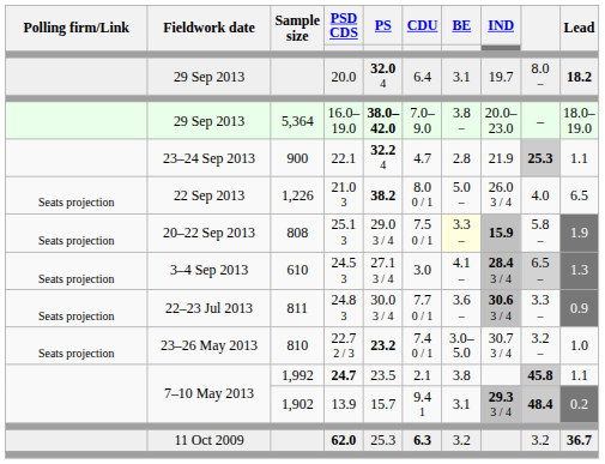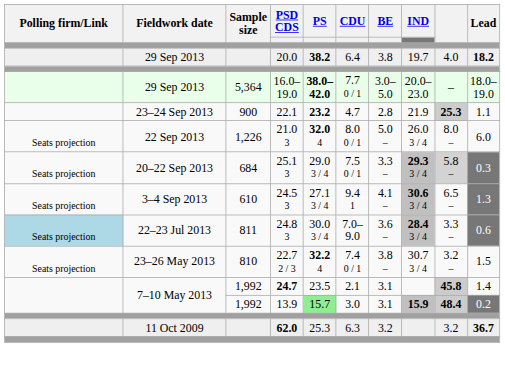 <table class="wikitable collapsible sortable" style="text-align:center; font-size:95%; line-height:16px;">
 <tr style="height:42px;">
 <th style="width:145px;" rowspan="2">Polling firm/Link</th>
 <th style="width:125px;" rowspan="2">Fieldwork date</th>
 <th class="unsortable" style="width:50px;" rowspan="2">Sample size</th>
 <th class="unsortable" style="width:35px;"><a href='#'>PSD</a><br><a href='#'>CDS</a></th>
 <th class="unsortable" style="width:35px;"><a href='#'>PS</a></th>
 <th class="unsortable" style="width:35px;"><a href='#'>CDU</a></th>
 <th class="unsortable" style="width:35px;"><a href='#'>BE</a></th>
 <th class="unsortable" style="width:35px;"><a href='#'>IND</a></th>
 <th class="unsortable" style="width:35px;" rowspan="2"></th>
 <th class="unsortable" style="width:30px;" rowspan="2">Lead</th>
 </tr>
 <tr>
 <th class="unsortable" style="color:inherit;background:"></th>
 <th class="unsortable" style="color:inherit;background:"></th>
 <th class="unsortable" style="color:inherit;background:"></th>
 <th class="unsortable" style="color:inherit;background:"></th>
 <th class="unsortable" style="color:inherit;background:#777777;"></th>
 </tr>
 <tr>
 <td colspan="12" style="background:#A0A0A0"></td>
 </tr>
 <tr style="background:#EFEFEF;">
 <td><strong></strong></td>
 <td data-sort-value="2019-10-06">29 Sep 2013</td>
 <td></td>
 <td>20.0<br></td>
-<td align="center" ><strong>32.0</strong><br><small>4</small></td>
+<td><strong>38.2</strong><br></td>
 <td>6.4<br></td>
-<td>3.1<br></td>
+<td align="center">3.8</td>
 <td>19.7<br></td>
-<td align="center">8.0<br><small>– </small></td>
+<td>4.0<br></td>
 <td style="background:"><strong>18.2</strong></td>
 </tr>
 <tr>
 <td colspan="12" style="background:#A0A0A0"></td>
 </tr>
 <tr>
 </tr>
 <tr style="background:#EAFFEA"|>
 <td></td>
 <td data-sort-value="2019-10-06">29 Sep 2013</td>
 <td>5,364</td>
 <td>16.0–<br>19.0<br></td>
 <td><strong>38.0–<br>42.0</strong><br></td>
-<td>7.0–<br>9.0<br></td>
-<td align="center">3.8<br><small> – </small></td>
+<td align="center">7.7<br><small>0 / 1</small></td>
+<td>3.0–<br>5.0<br></td>
 <td>20.0–<br>23.0<br></td>
 <td>–</td>
 <td style="background:">18.0–<br>19.0</td>
 </tr>
 <tr>
 <td align="center"></td>
 <td align="center">23–24 Sep 2013</td>
 <td>900</td>
 <td align="center">22.1</td>
-<td align="center" ><strong>32.2</strong><br><small>4 </small></td>
+<td align="center" ><strong>23.2</strong></td>
 <td align="center">4.7</td>
 <td align="center">2.8</td>
 <td align="center">21.9</td>
 <td align="center" style="background:#cccccc"><strong>25.3</strong></td>
 <td style="background:">1.1</td>
 </tr>
 <tr>
 <td align="center"><br><small>Seats projection</small></td>
 <td align="center">22 Sep 2013</td>
 <td>1,226</td>
 <td align="center">21.0<br><small>3</small></td>
-<td><strong>38.2</strong><br></td>
+<td align="center" ><strong>32.0</strong><br><small>4</small></td>
 <td align="center">8.0<br><small>0 / 1</small></td>
 <td align="center">5.0<br><small>– </small></td>
 <td align="center">26.0<br><small>3 / 4</small></td>
-<td>4.0<br></td>
-<td style="background:">6.5</td>
+<td align="center">8.0<br><small>– </small></td>
+<td style="background:">6.0</td>
 </tr>
 <tr>
 <td align="center"><br><small>Seats projection</small></td>
 <td align="center">20–22 Sep 2013</td>
-<td>808</td>
+<td>684</td>
 <td align="center">25.1<br><small>3</small></td>
 <td align="center">29.0<br><small>3 / 4</small></td>
 <td align="center">7.5<br><small>0 / 1</small></td>
-<td align="center" style="background: lightyellow;">3.3<br><small>– </small></td>
-<td align="center" style="background:#C0C0C0"><strong>15.9</strong></td>
-<td align="center">5.8<br><small>– </small></td>
-<td style="background:#777777;; color:white;">1.9</td>
+<td align="center">3.3<br><small>– </small></td>
+<td align="center" style="background:#C0C0C0"><strong>29.3</strong><br><small>3 / 4 </small></td>
+<td align="center" style="background: lightgrey;">5.8<br><small>– </small></td>
+<td style="background:#777777;; color:white;">0.3</td>
 </tr>
 <tr>
 <td align="center"><br><small>Seats projection</small></td>
 <td align="center">3–4 Sep 2013</td>
 <td>610</td>
 <td align="center">24.5<br><small>3</small></td>
 <td align="center">27.1<br><small>3 / 4</small></td>
-<td align="center">3.0</td>
+<td align="center">9.4<br><small>1</small></td>
 <td align="center">4.1<br><small>– </small></td>
-<td align="center" style="background:#C0C0C0"><strong>28.4</strong><br><small>3 / 4 </small></td>
-<td align="center" style="background: lightgrey;">6.5<br><small>– </small></td>
+<td align="center" style="background:#C0C0C0"><strong>30.6</strong><br><small>3 / 4 </small></td>
+<td align="center">6.5<br><small>– </small></td>
 <td style="background:#777777;; color:white;">1.3</td>
 </tr>
 <tr>
-<td align="center"><br><small>Seats projection</small></td>
+<td align="center" style="background: lightblue;"><br><small>Seats projection</small></td>
 <td align="center">22–23 Jul 2013</td>
 <td>811</td>
 <td align="center">24.8<br><small>3</small></td>
 <td align="center">30.0<br><small>3 / 4</small></td>
-<td align="center">7.7<br><small>0 / 1</small></td>
+<td>7.0–<br>9.0<br></td>
 <td align="center">3.6<br><small>– </small></td>
-<td align="center" style="background:#C0C0C0"><strong>30.6</strong><br><small>3 / 4 </small></td>
+<td align="center" style="background:#C0C0C0"><strong>28.4</strong><br><small>3 / 4 </small></td>
 <td align="center">3.3<br><small>– </small></td>
-<td style="background:#777777;; color:white;">0.9</td>
+<td style="background:#777777;; color:white;">0.6</td>
 </tr>
 <tr>
 <td align="center"><br><small>Seats projection</small></td>
 <td align="center">23–26 May 2013</td>
 <td>810</td>
 <td align="center">22.7<br><small>2 / 3 </small></td>
-<td align="center" ><strong>23.2</strong></td>
+<td align="center" ><strong>32.2</strong><br><small>4 </small></td>
 <td align="center">7.4<br><small>0 / 1 </small></td>
-<td>3.0–<br>5.0<br></td>
+<td align="center">3.8<br><small> – </small></td>
 <td align="center">30.7<br><small>3 / 4 </small></td>
 <td align="center">3.2<br><small>– </small></td>
-<td style="background:">1.0</td>
+<td style="background:">1.5</td>
 </tr>
 <tr>
 <td rowspan="2" align="center"></td>
 <td rowspan="2" align="center">7–10 May 2013</td>
 <td>1,992</td>
 <td align="center" ><strong>24.7</strong></td>
 <td align="center">23.5</td>
 <td align="center">2.1</td>
-<td align="center">3.8</td>
+<td>3.1<br></td>
 <td></td>
 <td align="center" style="background:#cccccc"><strong>45.8</strong></td>
-<td style="background:">1.1</td>
+<td style="background:">1.4</td>
 </tr>
 <tr>
-<td>1,902</td>
+<td>1,992</td>
 <td align="center">13.9</td>
-<td align="center">15.7</td>
-<td align="center">9.4<br><small>1</small></td>
+<td align="center" style="background: lightgreen;">15.7</td>
+<td align="center">3.0</td>
 <td align="center">3.1</td>
-<td align="center" style="background:#C0C0C0"><strong>29.3</strong><br><small>3 / 4 </small></td>
+<td align="center" style="background:#C0C0C0"><strong>15.9</strong></td>
 <td align="center" style="background:#cccccc"><strong>48.4</strong></td>
 <td style="background:#777777;; color:white;">0.2</td>
 </tr>
 <tr>
 <td colspan="12" style="background:#A0A0A0"></td>
 </tr>
 <tr style="background:#EFEFEF;">
 <td><strong></strong></td>
 <td data-sort-value="2019-10-06">11 Oct 2009</td>
 <td></td>
 <td><strong>62.0</strong><br></td>
 <td>25.3<br></td>
-<td><strong>6.3<br></strong></td>
+<td>6.3<br></td>
 <td>3.2<br></td>
 <td></td>
 <td>3.2<br></td>
 <td style="background:"><strong>36.7</strong></td>
 </tr>
 <tr>
 <td colspan="12" style="background:#A0A0A0"></td>
 </tr>
 </table>
